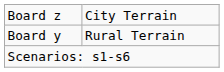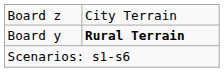 <table class="wikitable floatright" style=width:220px;>
 <tr>
 <td>Board z</td>
 <td>City Terrain</td>
 </tr>
 <tr>
 <td>Board y</td>
-<td>Rural Terrain</td>
+<td><strong>Rural Terrain</strong></td>
 </tr>
 <tr>
 <td colspan=2>Scenarios: s1-s6</td>
 </tr>
 </table>
